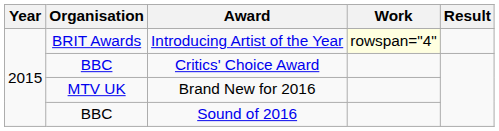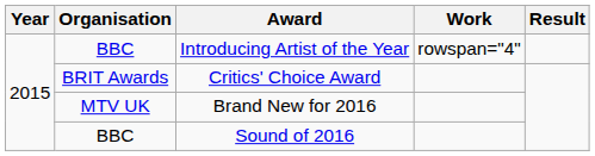 <table class="wikitable plainrowheaders" style="text-align:center;">
 <tr>
 <th>Year</th>
 <th>Organisation</th>
 <th>Award</th>
 <th>Work</th>
 <th>Result</th>
 </tr>
 <tr>
 <td rowspan="4">2015</td>
-<td><a href='#'>BRIT Awards</a></td>
+<td><a href='#'>BBC</a></td>
 <td><a href='#'>Introducing Artist of the Year</a></td>
-<td style="background: lightyellow;">rowspan="4" </td>
+<td>rowspan="4" </td>
 <td></td>
 </tr>
 <tr>
-<td><a href='#'>BBC</a></td>
+<td><a href='#'>BRIT Awards</a></td>
 <td><a href='#'>Critics' Choice Award</a></td>
 <td></td>
 </tr>
 <tr>
 <td><a href='#'>MTV UK</a></td>
 <td>Brand New for 2016</td>
 <td></td>
 </tr>
 <tr>
 <td>BBC</td>
 <td><a href='#'>Sound of 2016</a></td>
 <td></td>
 </tr>
 </table>
